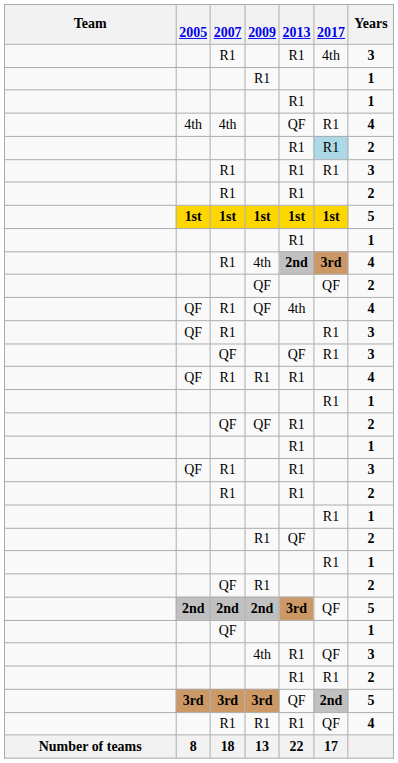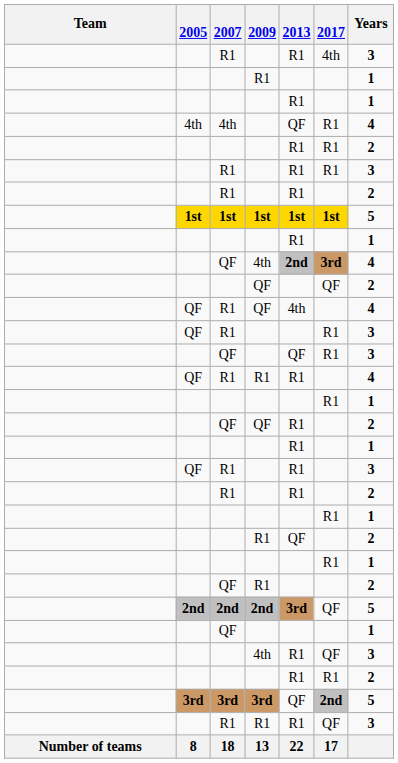 <table class="wikitable" style="text-align:center; font-size:90%">
 <tr>
 <th width=170>Team</th>
 <th width=25><br><a href='#'>2005</a></th>
 <th width=25><br><a href='#'>2007</a></th>
 <th width=25><br><a href='#'>2009</a></th>
 <th width=25><br><a href='#'>2013</a></th>
 <th width=25><br><a href='#'>2017</a></th>
 <th width=40>Years</th>
 </tr>
 <tr>
 <td align=left></td>
 <td></td>
 <td>R1</td>
 <td></td>
 <td>R1</td>
 <td>4th</td>
 <td><strong>3</strong></td>
 </tr>
 <tr>
 <td align=left></td>
 <td></td>
 <td></td>
 <td>R1</td>
 <td></td>
 <td></td>
 <td><strong>1</strong></td>
 </tr>
 <tr>
 <td align=left></td>
 <td></td>
 <td></td>
 <td></td>
 <td>R1</td>
 <td></td>
 <td><strong>1</strong></td>
 </tr>
 <tr>
 <td align=left></td>
 <td>4th</td>
 <td>4th</td>
 <td></td>
 <td>QF</td>
 <td>R1</td>
 <td><strong>4</strong></td>
 </tr>
 <tr>
 <td align=left></td>
 <td></td>
 <td></td>
 <td></td>
 <td>R1</td>
-<td style="background: lightblue;">R1</td>
+<td>R1</td>
 <td><strong>2</strong></td>
 </tr>
 <tr>
 <td align=left></td>
 <td></td>
 <td>R1</td>
 <td></td>
 <td>R1</td>
 <td>R1</td>
 <td><strong>3</strong></td>
 </tr>
 <tr>
 <td align=left></td>
 <td></td>
 <td>R1</td>
 <td></td>
 <td>R1</td>
 <td></td>
 <td><strong>2</strong></td>
 </tr>
 <tr>
 <td align=left></td>
 <td bgcolor=gold><strong>1st</strong></td>
 <td bgcolor=gold><strong>1st</strong></td>
 <td bgcolor=gold><strong>1st</strong></td>
 <td bgcolor=gold><strong>1st</strong></td>
 <td bgcolor=gold><strong>1st</strong></td>
 <td><strong>5</strong></td>
 </tr>
 <tr>
 <td align=left></td>
 <td></td>
 <td></td>
 <td></td>
 <td>R1</td>
 <td></td>
 <td><strong>1</strong></td>
 </tr>
 <tr>
 <td align=left></td>
 <td></td>
-<td>R1</td>
+<td>QF</td>
 <td>4th</td>
 <td bgcolor=silver><strong>2nd</strong></td>
 <td bgcolor=#cc9966><strong>3rd</strong></td>
 <td><strong>4</strong></td>
 </tr>
 <tr>
 <td align=left></td>
 <td></td>
 <td></td>
 <td>QF</td>
 <td></td>
 <td>QF</td>
 <td><strong>2</strong></td>
 </tr>
 <tr>
 <td align=left></td>
 <td>QF</td>
 <td>R1</td>
 <td>QF</td>
 <td>4th</td>
 <td></td>
 <td><strong>4</strong></td>
 </tr>
 <tr>
 <td align=left></td>
 <td>QF</td>
 <td>R1</td>
 <td></td>
 <td></td>
 <td>R1</td>
 <td><strong>3</strong></td>
 </tr>
 <tr>
 <td align=left></td>
 <td></td>
 <td>QF</td>
 <td></td>
 <td>QF</td>
 <td>R1</td>
 <td><strong>3</strong></td>
 </tr>
 <tr>
 <td align=left></td>
 <td>QF</td>
 <td>R1</td>
 <td>R1</td>
 <td>R1</td>
 <td></td>
 <td><strong>4</strong></td>
 </tr>
 <tr>
 <td align=left></td>
 <td></td>
 <td></td>
 <td></td>
 <td></td>
 <td>R1</td>
 <td><strong>1</strong></td>
 </tr>
 <tr>
 <td align=left></td>
 <td></td>
 <td>QF</td>
 <td>QF</td>
 <td>R1</td>
 <td></td>
 <td><strong>2</strong></td>
 </tr>
 <tr>
 <td align=left></td>
 <td></td>
 <td></td>
 <td></td>
 <td>R1</td>
 <td></td>
 <td><strong>1</strong></td>
 </tr>
 <tr>
 <td align=left></td>
 <td>QF</td>
 <td>R1</td>
 <td></td>
 <td>R1</td>
 <td></td>
 <td><strong>3</strong></td>
 </tr>
 <tr>
 <td align=left></td>
 <td></td>
 <td>R1</td>
 <td></td>
 <td>R1</td>
 <td></td>
 <td><strong>2</strong></td>
 </tr>
 <tr>
 <td align=left></td>
 <td></td>
 <td></td>
 <td></td>
 <td></td>
 <td>R1</td>
 <td><strong>1</strong></td>
 </tr>
 <tr>
 <td align=left></td>
 <td></td>
 <td></td>
 <td>R1</td>
 <td>QF</td>
 <td></td>
 <td><strong>2</strong></td>
 </tr>
 <tr>
 <td align=left></td>
 <td></td>
 <td></td>
 <td></td>
 <td></td>
 <td>R1</td>
 <td><strong>1</strong></td>
 </tr>
 <tr>
 <td align=left></td>
 <td></td>
 <td>QF</td>
 <td>R1</td>
 <td></td>
 <td></td>
 <td><strong>2</strong></td>
 </tr>
 <tr>
 <td align=left></td>
 <td bgcolor=silver><strong>2nd</strong></td>
 <td bgcolor=silver><strong>2nd</strong></td>
 <td bgcolor=silver><strong>2nd</strong></td>
 <td bgcolor=#cc9966><strong>3rd</strong></td>
 <td>QF</td>
 <td><strong>5</strong></td>
 </tr>
 <tr>
 <td align=left></td>
 <td></td>
 <td>QF</td>
 <td></td>
 <td></td>
 <td></td>
 <td><strong>1</strong></td>
 </tr>
 <tr>
 <td align=left></td>
 <td></td>
 <td></td>
 <td>4th</td>
 <td>R1</td>
 <td>QF</td>
 <td><strong>3</strong></td>
 </tr>
 <tr>
 <td align=left></td>
 <td></td>
 <td></td>
 <td></td>
 <td>R1</td>
 <td>R1</td>
 <td><strong>2</strong></td>
 </tr>
 <tr>
 <td align=left></td>
 <td bgcolor=#cc9966><strong>3rd</strong></td>
 <td bgcolor=#cc9966><strong>3rd</strong></td>
 <td bgcolor=#cc9966><strong>3rd</strong></td>
 <td>QF</td>
 <td bgcolor=silver><strong>2nd</strong></td>
 <td><strong>5</strong></td>
 </tr>
 <tr>
 <td align=left></td>
 <td></td>
 <td>R1</td>
 <td>R1</td>
 <td>R1</td>
 <td>QF</td>
-<td><strong>4</strong></td>
+<td><strong>3</strong></td>
 </tr>
 <tr>
 <th>Number of teams</th>
 <th>8</th>
 <th>18</th>
 <th>13</th>
 <th>22</th>
 <th>17</th>
 <th></th>
 </tr>
 </table>
